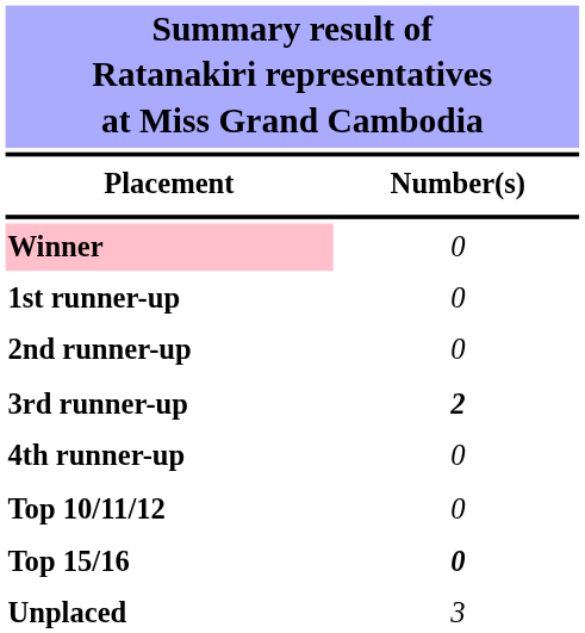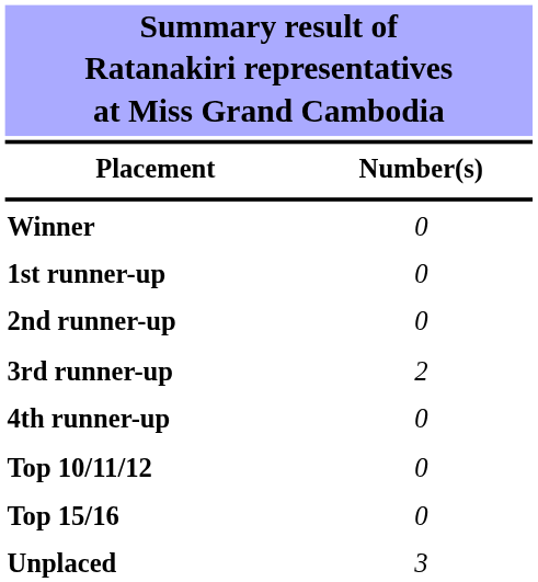 <table style="width: 270px; font-size:85%; line-height:1.5em;">
 <tr>
 <th colspan="2" align="center" style="background:#AAF;"><big>Summary result of<br>Ratanakiri representatives<br>at Miss Grand Cambodia</big></th>
 </tr>
 <tr>
 <td colspan="2" style="background:black"></td>
 </tr>
 <tr>
 <th scope="col">Placement</th>
 <th scope="col">Number(s)</th>
 </tr>
 <tr>
 <td colspan="2" style="background:black"></td>
 </tr>
 <tr>
-<td align="left" style="background: pink;"><strong>Winner</strong></td>
+<td align="left"><strong>Winner</strong></td>
 <td align="center"><em>0</em></td>
 </tr>
 <tr>
 <td align="left"><strong>1st runner-up</strong></td>
 <td align="center"><em>0</em></td>
 </tr>
 <tr>
 <td align="left"><strong>2nd runner-up</strong></td>
 <td align="center"><em>0</em></td>
 </tr>
 <tr>
 <td align="left"><strong>3rd runner-up</strong></td>
-<td align="center"><strong><em>2</em></strong></td>
+<td align="center"><em>2</em></td>
 </tr>
 <tr>
 <td align="left"><strong>4th runner-up</strong></td>
 <td align="center"><em>0</em></td>
 </tr>
 <tr>
 <td align="left"><strong>Top 10/11/12</strong></td>
 <td align="center"><em>0</em></td>
 </tr>
 <tr>
 <td align="left"><strong>Top 15/16</strong></td>
-<td align="center"><strong><em>0</em></strong></td>
+<td align="center"><em>0</em></td>
 </tr>
 <tr>
 <td align="left"><strong>Unplaced</strong></td>
 <td align="center"><em>3</em></td>
 </tr>
 </table>
